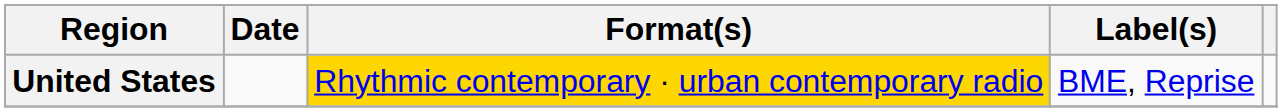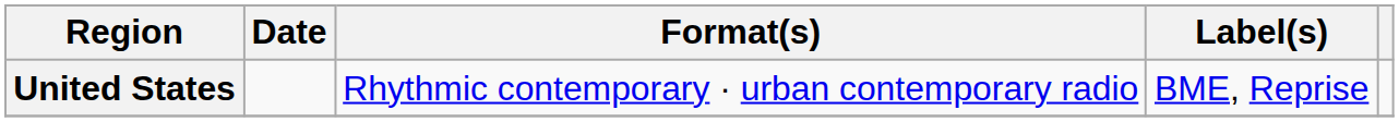 <table class="wikitable plainrowheaders" style="text-align:left">
 <tr>
 <th scope="col">Region</th>
 <th scope="col">Date</th>
 <th scope="col">Format(s)</th>
 <th scope="col">Label(s)</th>
 <th scope="col"></th>
 </tr>
 <tr>
 <th scope="row">United States</th>
 <td></td>
-<td style="background: gold;"><a href='#'>Rhythmic contemporary</a> · <a href='#'>urban contemporary radio</a></td>
+<td><a href='#'>Rhythmic contemporary</a> · <a href='#'>urban contemporary radio</a></td>
 <td><a href='#'>BME</a>, <a href='#'>Reprise</a></td>
 <td></td>
 </tr>
 <tr>
 </tr>
 </table>
